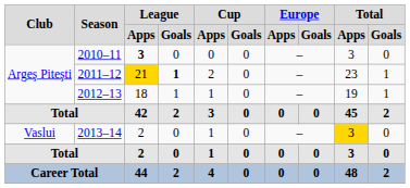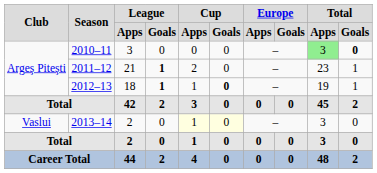 <table class="wikitable" style="text-align: center;">
 <tr>
 <th style="background: #DCDCDC; text-align: center" rowspan="2"><strong>Club</strong></th>
 <th style="background: #DCDCDC; text-align: center" rowspan="2"><strong>Season</strong></th>
 <th style="background: #DCDCDC; text-align: center" colspan="2"><strong>League</strong></th>
 <th style="background: #DCDCDC; text-align: center" colspan="2"><strong>Cup</strong></th>
 <th style="background: #DCDCDC; text-align: center" colspan="2"><a href='#'>Europe</a></th>
 <th style="background: #DCDCDC; text-align: center" colspan="3"><strong>Total</strong></th>
 </tr>
 <tr>
 <th style="background:#dcdcdc; text-align:center;">Apps</th>
 <th style="background:#dcdcdc; text-align:center;">Goals</th>
 <th style="background:#dcdcdc; text-align:center;">Apps</th>
 <th style="background:#dcdcdc; text-align:center;">Goals</th>
 <th style="background:#dcdcdc; text-align:center;">Apps</th>
 <th style="background:#dcdcdc; text-align:center;">Goals</th>
 <th style="background:#dcdcdc; text-align:center;">Apps</th>
 <th style="background:#dcdcdc; text-align:center;">Goals</th>
 </tr>
 <tr>
 <td rowspan="3"><a href='#'>Argeş Piteşti</a></td>
 <td><a href='#'>2010–11</a></td>
-<td><strong>3</strong></td>
+<td>3</td>
 <td>0</td>
 <td>0</td>
 <td>0</td>
 <td colspan="2">–</td>
-<td>3</td>
-<td>0</td>
+<td style="background: lightgreen;">3</td>
+<td><strong>0</strong></td>
 </tr>
 <tr>
 <td><a href='#'>2011–12</a></td>
-<td style="background: gold;">21</td>
+<td>21</td>
 <td><strong>1</strong></td>
 <td>2</td>
 <td>0</td>
 <td colspan="2">–</td>
 <td>23</td>
 <td>1</td>
 </tr>
 <tr>
 <td><a href='#'>2012–13</a></td>
 <td>18</td>
+<td><strong>1</strong></td>
 <td>1</td>
-<td>1</td>
-<td>0</td>
+<td><strong>0</strong></td>
 <td colspan="2">–</td>
 <td>19</td>
 <td>1</td>
 </tr>
 <tr>
 <th style="background: #E5E5E5; text-align: center" colspan="2">Total</th>
 <th style="background:#e5e5e5; text-align:center;">42</th>
 <th style="background:#e5e5e5; text-align:center;">2</th>
 <th style="background:#e5e5e5; text-align:center;">3</th>
 <th style="background:#e5e5e5; text-align:center;">0</th>
 <th style="background:#e5e5e5; text-align:center;">0</th>
 <th style="background:#e5e5e5; text-align:center;">0</th>
 <th style="background:#e5e5e5; text-align:center;">45</th>
 <th style="background:#e5e5e5; text-align:center;">2</th>
 </tr>
 <tr>
 <td rowspan="1"><a href='#'>Vaslui</a></td>
 <td><a href='#'>2013–14</a></td>
 <td>2</td>
 <td>0</td>
-<td>1</td>
-<td>0</td>
+<td style="background: lightyellow;">1</td>
+<td style="background: lightyellow;">0</td>
 <td colspan="2">–</td>
-<td style="background: gold;">3</td>
+<td>3</td>
 <td>0</td>
 </tr>
 <tr>
 <th style="background: #E5E5E5; text-align: center" colspan="2">Total</th>
 <th style="background:#e5e5e5; text-align:center;">2</th>
 <th style="background:#e5e5e5; text-align:center;">0</th>
 <th style="background:#e5e5e5; text-align:center;">1</th>
 <th style="background:#e5e5e5; text-align:center;">0</th>
 <th style="background:#e5e5e5; text-align:center;">0</th>
 <th style="background:#e5e5e5; text-align:center;">0</th>
 <th style="background:#e5e5e5; text-align:center;">3</th>
 <th style="background:#e5e5e5; text-align:center;">0</th>
 </tr>
 <tr>
 <th style="background: #b0c4de; text-align: center" colspan="2"><strong>Career Total</strong></th>
 <th style="background:#b0c4de; text-align:center;">44</th>
 <th style="background:#b0c4de; text-align:center;">2</th>
 <th style="background:#b0c4de; text-align:center;">4</th>
 <th style="background:#b0c4de; text-align:center;">0</th>
 <th style="background:#b0c4de; text-align:center;">0</th>
 <th style="background:#b0c4de; text-align:center;">0</th>
 <th style="background:#b0c4de; text-align:center;">48</th>
 <th style="background:#b0c4de; text-align:center;">2</th>
 </tr>
 </table>
